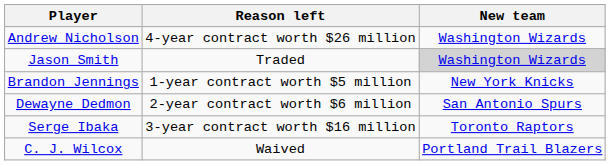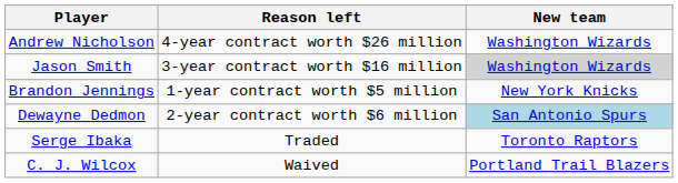 <table class="wikitable sortable sortable" style="text-align: center">
 <tr>
 <th>Player</th>
 <th>Reason left</th>
 <th>New team</th>
 </tr>
 <tr style="text-align: center">
 <td><a href='#'>Andrew Nicholson</a></td>
 <td>4-year contract worth $26 million</td>
 <td><a href='#'>Washington Wizards</a></td>
 </tr>
 <tr style="text-align: center">
 <td><a href='#'>Jason Smith</a></td>
-<td>Traded</td>
+<td>3-year contract worth $16 million</td>
 <td style="background: lightgrey;"><a href='#'>Washington Wizards</a></td>
 </tr>
 <tr style="text-align: center">
 <td><a href='#'>Brandon Jennings</a></td>
 <td>1-year contract worth $5 million</td>
 <td><a href='#'>New York Knicks</a></td>
 </tr>
 <tr style="text-align: center">
 <td><a href='#'>Dewayne Dedmon</a></td>
 <td>2-year contract worth $6 million</td>
-<td><a href='#'>San Antonio Spurs</a></td>
+<td style="background: lightblue;"><a href='#'>San Antonio Spurs</a></td>
 </tr>
 <tr style="text-align: center">
 <td><a href='#'>Serge Ibaka</a></td>
-<td>3-year contract worth $16 million</td>
+<td>Traded</td>
 <td><a href='#'>Toronto Raptors</a></td>
 </tr>
 <tr style="text-align: center">
 <td><a href='#'>C. J. Wilcox</a></td>
 <td>Waived</td>
 <td><a href='#'>Portland Trail Blazers</a></td>
 </tr>
 </table>
